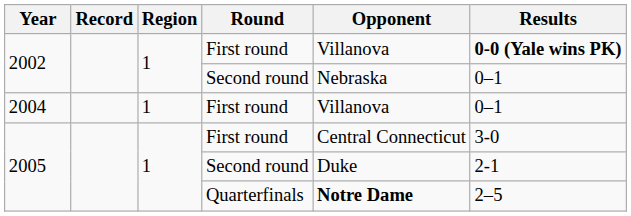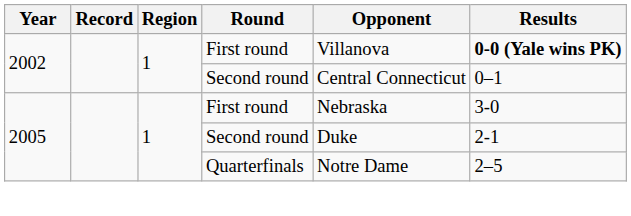 <table class="wikitable" style="text-align: ">
 <tr>
 <th width=50px>Year</th>
 <th>Record</th>
 <th>Region</th>
 <th>Round</th>
 <th>Opponent</th>
 <th>Results</th>
 </tr>
 <tr>
 <td rowspan=2>2002</td>
 <td rowspan=2></td>
 <td rowspan=2>1</td>
 <td>First round</td>
 <td>Villanova</td>
 <td><strong>0-0 (Yale wins PK)</strong></td>
 </tr>
 <tr>
 <td>Second round</td>
-<td>Nebraska</td>
-<td>0–1</td>
-</tr>
-<tr>
-<td>2004</td>
-<td></td>
-<td>1</td>
-<td>First round</td>
-<td>Villanova</td>
+<td>Central Connecticut</td>
 <td>0–1</td>
 </tr>
 <tr>
 <td rowspan="3">2005</td>
 <td rowspan="3"></td>
 <td rowspan="3">1</td>
 <td>First round</td>
-<td>Central Connecticut</td>
+<td>Nebraska</td>
 <td>3-0</td>
 </tr>
 <tr>
 <td>Second round</td>
 <td>Duke</td>
 <td>2-1</td>
 </tr>
 <tr>
 <td>Quarterfinals</td>
-<td><strong>Notre Dame</strong></td>
+<td>Notre Dame</td>
 <td>2–5</td>
 </tr>
 </table>
